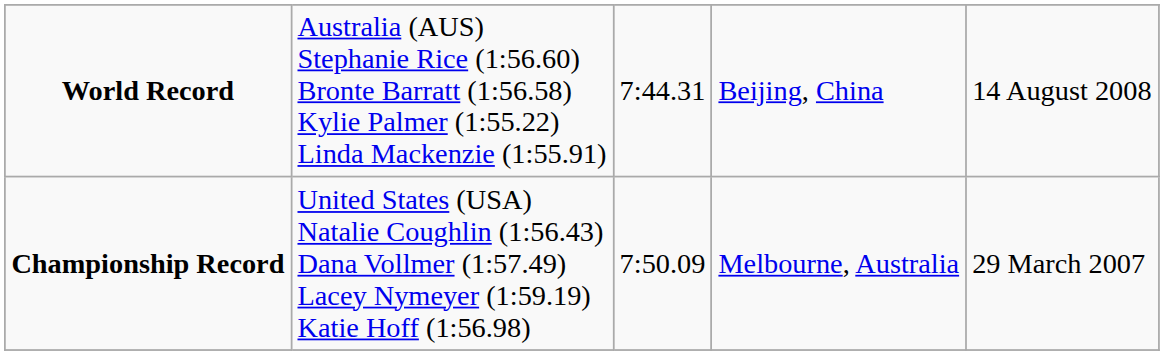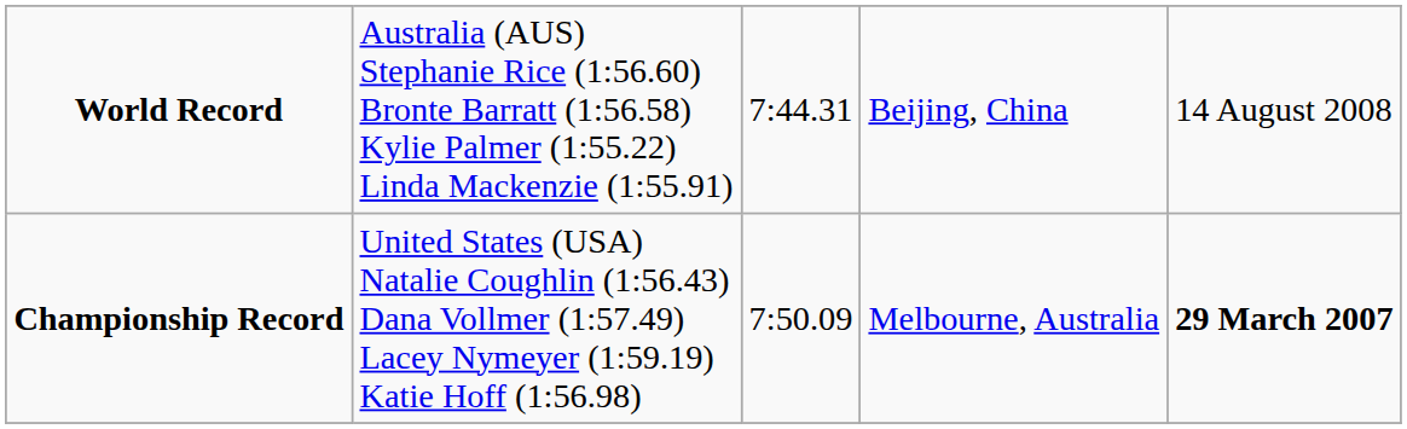 <table class="wikitable" border="1" align="center">
 <tr>
 <td align="center"><strong>World Record</strong></td>
 <td> <a href='#'>Australia</a> (AUS)<br><a href='#'>Stephanie Rice</a> (1:56.60)<br><a href='#'>Bronte Barratt</a> (1:56.58)<br><a href='#'>Kylie Palmer</a> (1:55.22)<br><a href='#'>Linda Mackenzie</a> (1:55.91)</td>
 <td>7:44.31</td>
 <td><a href='#'>Beijing</a>, <a href='#'>China</a></td>
 <td>14 August 2008</td>
 </tr>
 <tr>
 <td align="center"><strong>Championship Record</strong></td>
 <td> <a href='#'>United States</a> (USA) <br><a href='#'>Natalie Coughlin</a> (1:56.43)<br><a href='#'>Dana Vollmer</a> (1:57.49)<br><a href='#'>Lacey Nymeyer</a> (1:59.19)<br><a href='#'>Katie Hoff</a> (1:56.98)</td>
 <td>7:50.09</td>
 <td><a href='#'>Melbourne</a>, <a href='#'>Australia</a></td>
-<td>29 March 2007</td>
+<td><strong>29 March 2007</strong></td>
 </tr>
 </table>
